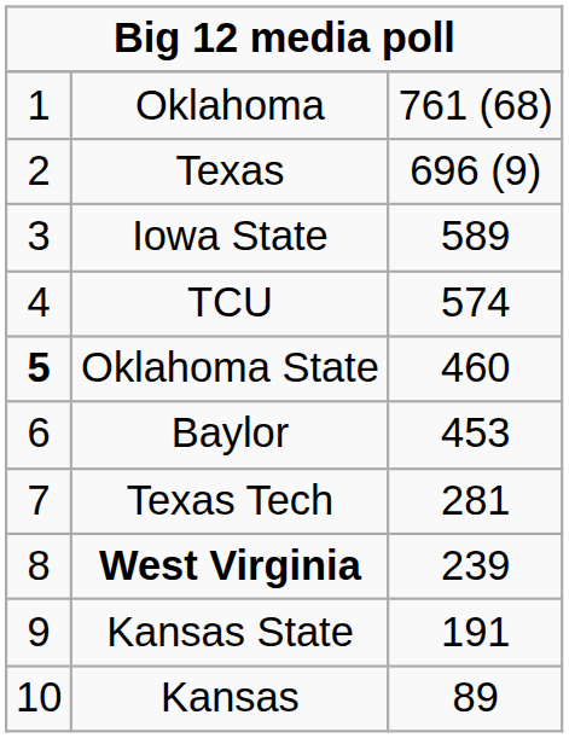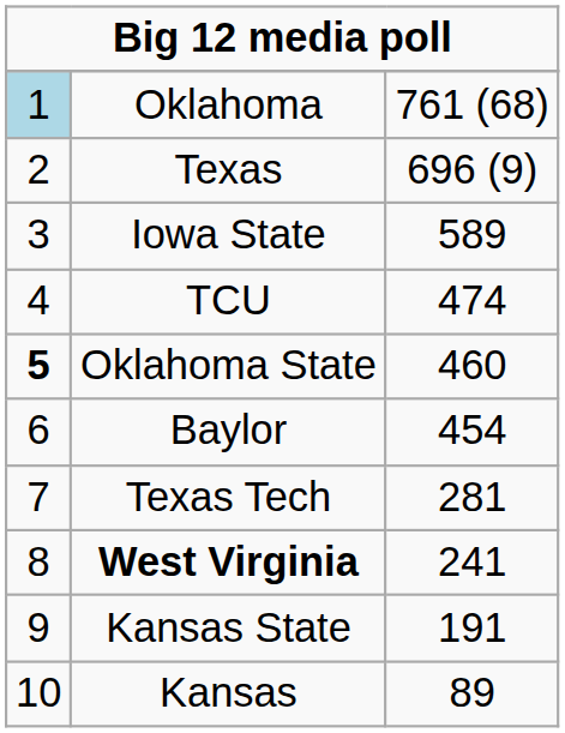 <table class="wikitable" style="display: inline-table;">
 <tr>
 <td align="center" Colspan="3"><strong>Big 12 media poll</strong></td>
 </tr>
 <tr align="center">
 </tr>
 <tr align="center">
-<td>1</td>
+<td style="background: lightblue;">1</td>
 <td>Oklahoma</td>
 <td>761 (68)</td>
 </tr>
 <tr align="center">
 <td>2</td>
 <td>Texas</td>
 <td>696 (9)</td>
 </tr>
 <tr align="center">
 <td>3</td>
 <td>Iowa State</td>
 <td>589</td>
 </tr>
 <tr align="center">
 <td>4</td>
 <td>TCU</td>
-<td>574</td>
+<td>474</td>
 </tr>
 <tr align="center">
 <td><strong>5</strong></td>
 <td>Oklahoma State</td>
 <td>460</td>
 </tr>
 <tr align="center">
 <td>6</td>
 <td>Baylor</td>
-<td>453</td>
+<td>454</td>
 </tr>
 <tr align="center">
 <td>7</td>
 <td>Texas Tech</td>
 <td>281</td>
 </tr>
 <tr align="center">
 <td>8</td>
 <td><strong>West Virginia</strong></td>
-<td>239</td>
+<td>241</td>
 </tr>
 <tr align="center">
 <td>9</td>
 <td>Kansas State</td>
 <td>191</td>
 </tr>
 <tr align="center">
 <td>10</td>
 <td>Kansas</td>
 <td>89</td>
 </tr>
 </table>
